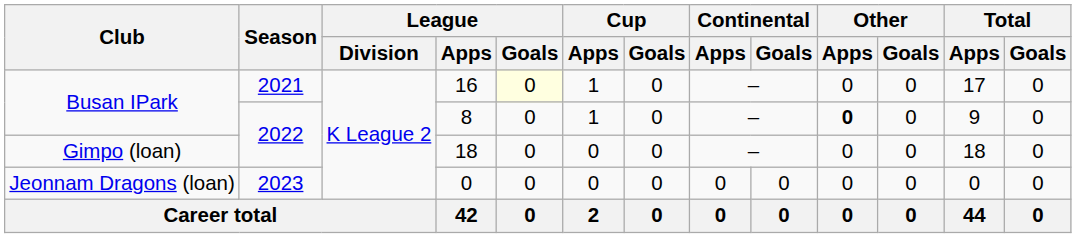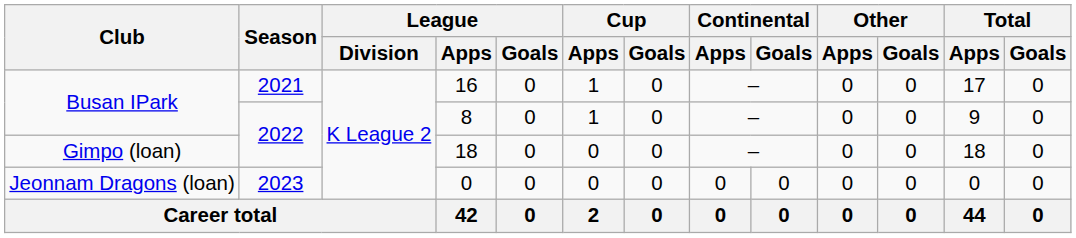 <table class="wikitable" style="text-align: center">
 <tr>
 <th rowspan="2">Club</th>
 <th rowspan="2">Season</th>
 <th colspan="3">League</th>
 <th colspan="2">Cup</th>
 <th colspan="2">Continental</th>
 <th colspan="2">Other</th>
 <th colspan="2">Total</th>
 </tr>
 <tr>
 <th>Division</th>
 <th>Apps</th>
 <th>Goals</th>
 <th>Apps</th>
 <th>Goals</th>
 <th>Apps</th>
 <th>Goals</th>
 <th>Apps</th>
 <th>Goals</th>
 <th>Apps</th>
 <th>Goals</th>
 </tr>
 <tr>
 <td rowspan="2"><a href='#'>Busan IPark</a></td>
 <td><a href='#'>2021</a></td>
 <td rowspan="4"><a href='#'>K League 2</a></td>
 <td>16</td>
-<td style="background: lightyellow;">0</td>
+<td>0</td>
 <td>1</td>
 <td>0</td>
 <td colspan="2">–</td>
 <td>0</td>
 <td>0</td>
 <td>17</td>
 <td>0</td>
 </tr>
 <tr>
 <td rowspan="2"><a href='#'>2022</a></td>
 <td>8</td>
 <td>0</td>
 <td>1</td>
 <td>0</td>
 <td colspan="2">–</td>
-<td><strong>0</strong></td>
+<td>0</td>
 <td>0</td>
 <td>9</td>
 <td>0</td>
 </tr>
 <tr>
 <td><a href='#'>Gimpo</a>  (loan)</td>
 <td>18</td>
 <td>0</td>
 <td>0</td>
 <td>0</td>
 <td colspan="2">–</td>
 <td>0</td>
 <td>0</td>
 <td>18</td>
 <td>0</td>
 </tr>
 <tr>
 <td><a href='#'>Jeonnam Dragons</a> (loan)</td>
 <td><a href='#'>2023</a></td>
 <td>0</td>
 <td>0</td>
 <td>0</td>
 <td>0</td>
 <td>0</td>
 <td>0</td>
 <td>0</td>
 <td>0</td>
 <td>0</td>
 <td>0</td>
 </tr>
 <tr>
 <th colspan=3>Career total</th>
 <th>42</th>
 <th>0</th>
 <th>2</th>
 <th>0</th>
 <th>0</th>
 <th>0</th>
 <th>0</th>
 <th>0</th>
 <th>44</th>
 <th>0</th>
 </tr>
 </table>
